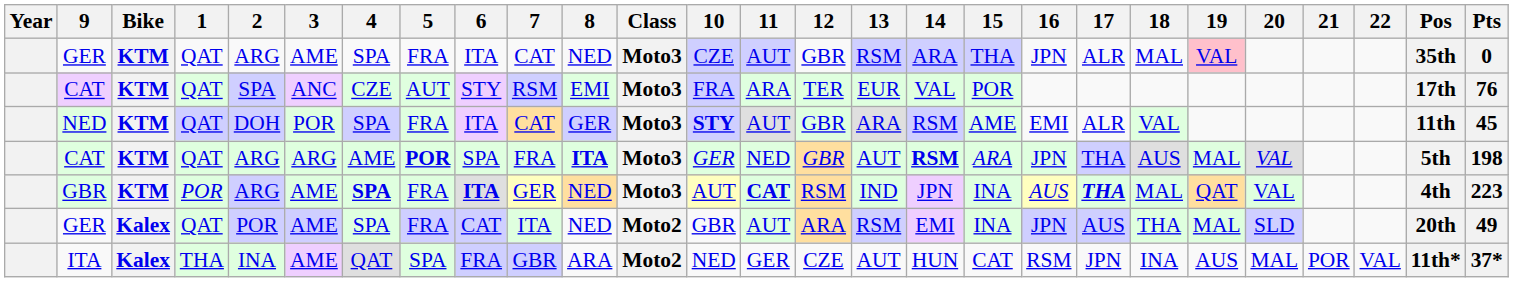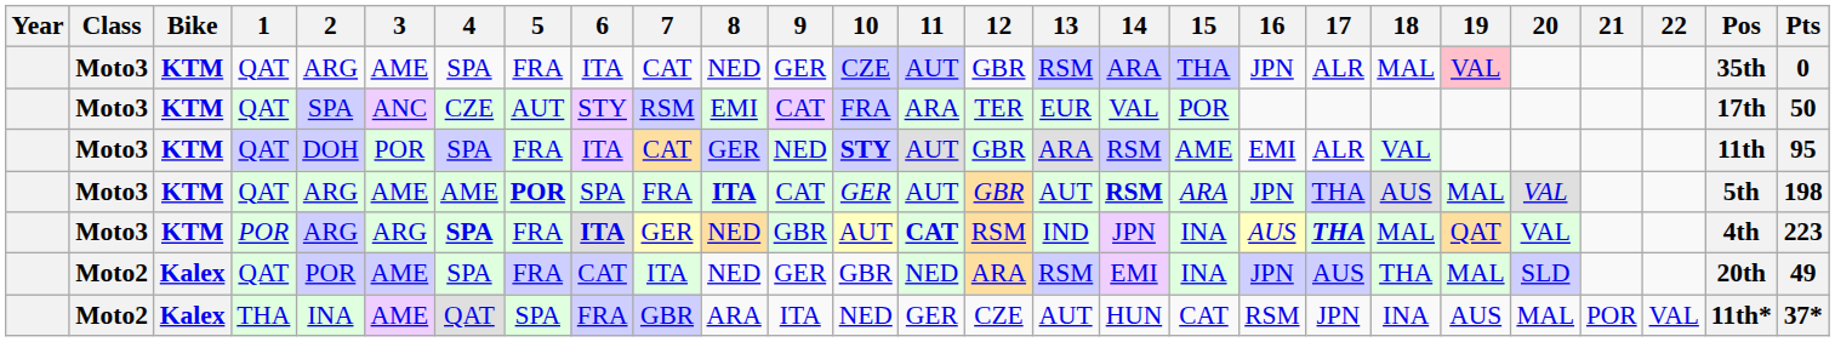 <table class="wikitable" style="text-align:center;">
 <tr>
 <th>Year</th>
-<th>9</th>
+<th>Class</th>
 <th>Bike</th>
 <th>1</th>
 <th>2</th>
 <th>3</th>
 <th>4</th>
 <th>5</th>
 <th>6</th>
 <th>7</th>
 <th>8</th>
-<th>Class</th>
+<th>9</th>
 <th>10</th>
 <th>11</th>
 <th>12</th>
 <th>13</th>
 <th>14</th>
 <th>15</th>
 <th>16</th>
 <th>17</th>
 <th>18</th>
 <th>19</th>
 <th>20</th>
 <th>21</th>
 <th>22</th>
 <th>Pos</th>
 <th>Pts</th>
 </tr>
 <tr>
 <th></th>
-<td><a href='#'>GER</a></td>
+<th>Moto3</th>
 <th><a href='#'>KTM</a></th>
 <td><a href='#'>QAT</a></td>
 <td><a href='#'>ARG</a></td>
 <td><a href='#'>AME</a></td>
 <td><a href='#'>SPA</a></td>
 <td><a href='#'>FRA</a></td>
 <td><a href='#'>ITA</a></td>
 <td><a href='#'>CAT</a></td>
 <td><a href='#'>NED</a></td>
-<th>Moto3</th>
+<td><a href='#'>GER</a></td>
 <td style="background:#cfcfff;"><a href='#'>CZE</a><br></td>
 <td style="background:#cfcfff;"><a href='#'>AUT</a><br></td>
 <td><a href='#'>GBR</a></td>
 <td style="background:#cfcfff;"><a href='#'>RSM</a><br></td>
 <td style="background:#cfcfff;"><a href='#'>ARA</a><br></td>
 <td style="background:#cfcfff;"><a href='#'>THA</a><br></td>
 <td><a href='#'>JPN</a></td>
 <td><a href='#'>ALR</a></td>
 <td><a href='#'>MAL</a></td>
 <td style="background: pink;"><a href='#'>VAL</a></td>
 <td></td>
 <td></td>
 <td></td>
 <th>35th</th>
 <th>0</th>
 </tr>
 <tr>
 <th></th>
-<td style="background:#efcfff;"><a href='#'>CAT</a><br></td>
+<th>Moto3</th>
 <th><a href='#'>KTM</a></th>
 <td style="background:#dfffdf;"><a href='#'>QAT</a><br></td>
 <td style="background:#cfcfff;"><a href='#'>SPA</a><br></td>
 <td style="background:#efcfff;"><a href='#'>ANC</a><br></td>
 <td style="background:#dfffdf;"><a href='#'>CZE</a><br></td>
 <td style="background:#dfffdf;"><a href='#'>AUT</a><br></td>
 <td style="background:#efcfff;"><a href='#'>STY</a><br></td>
 <td style="background:#cfcfff;"><a href='#'>RSM</a><br></td>
 <td style="background:#dfffdf;"><a href='#'>EMI</a><br></td>
-<th>Moto3</th>
+<td style="background:#efcfff;"><a href='#'>CAT</a><br></td>
 <td style="background:#cfcfff;"><a href='#'>FRA</a><br></td>
 <td style="background:#dfffdf;"><a href='#'>ARA</a><br></td>
 <td style="background:#dfffdf;"><a href='#'>TER</a><br></td>
 <td style="background:#dfffdf;"><a href='#'>EUR</a><br></td>
 <td style="background:#dfffdf;"><a href='#'>VAL</a><br></td>
 <td style="background:#dfffdf;"><a href='#'>POR</a><br></td>
 <td></td>
 <td></td>
 <td></td>
 <td></td>
 <td></td>
 <td></td>
 <td></td>
 <th>17th</th>
-<th>76</th>
+<th>50</th>
 </tr>
 <tr>
 <th></th>
-<td style="background:#dfffdf;"><a href='#'>NED</a><br></td>
+<th>Moto3</th>
 <th><a href='#'>KTM</a></th>
 <td style="background:#cfcfff;"><a href='#'>QAT</a><br></td>
 <td style="background:#cfcfff;"><a href='#'>DOH</a><br></td>
 <td style="background:#dfffdf;"><a href='#'>POR</a><br></td>
 <td style="background:#cfcfff;"><a href='#'>SPA</a><br></td>
 <td style="background:#dfffdf;"><a href='#'>FRA</a><br></td>
 <td style="background:#efcfff;"><a href='#'>ITA</a><br></td>
 <td style="background:#ffdf9f;"><a href='#'>CAT</a><br></td>
 <td style="background:#cfcfff;"><a href='#'>GER</a><br></td>
-<th>Moto3</th>
+<td style="background:#dfffdf;"><a href='#'>NED</a><br></td>
 <td style="background:#cfcfff;"><strong><a href='#'>STY</a></strong><br></td>
 <td style="background:#dfdfdf;"><a href='#'>AUT</a><br></td>
 <td style="background:#dfffdf;"><a href='#'>GBR</a><br></td>
 <td style="background:#dfdfdf;"><a href='#'>ARA</a><br></td>
 <td style="background:#cfcfff;"><a href='#'>RSM</a><br></td>
 <td style="background:#dfffdf;"><a href='#'>AME</a><br></td>
 <td><a href='#'>EMI</a></td>
 <td><a href='#'>ALR</a></td>
 <td style="background:#dfffdf;"><a href='#'>VAL</a><br></td>
 <td></td>
 <td></td>
 <td></td>
 <td></td>
 <th>11th</th>
-<th>45</th>
+<th>95</th>
 </tr>
 <tr>
 <th></th>
-<td style="background:#dfffdf;"><a href='#'>CAT</a><br></td>
+<th>Moto3</th>
 <th><a href='#'>KTM</a></th>
 <td style="background:#dfffdf;"><a href='#'>QAT</a><br></td>
 <td style="background:#DFFFDF;"><a href='#'>ARG</a><br></td>
-<td style="background:#dfffdf;"><a href='#'>ARG</a><br></td>
+<td style="background:#dfffdf;"><a href='#'>AME</a><br></td>
 <td style="background:#dfffdf;"><a href='#'>AME</a><br></td>
 <td style="background:#dfffdf;"><strong><a href='#'>POR</a></strong><br></td>
 <td style="background:#dfffdf;"><a href='#'>SPA</a><br></td>
 <td style="background:#dfffdf;"><a href='#'>FRA</a><br></td>
 <td style="background:#dfffdf;"><strong><a href='#'>ITA</a></strong><br></td>
-<th>Moto3</th>
+<td style="background:#dfffdf;"><a href='#'>CAT</a><br></td>
 <td style="background:#dfffdf;"><em><a href='#'>GER</a></em><br></td>
-<td style="background:#dfffdf;"><a href='#'>NED</a><br></td>
+<td style="background:#dfffdf;"><a href='#'>AUT</a><br></td>
 <td style="background:#ffdf9f;"><em><a href='#'>GBR</a></em><br></td>
 <td style="background:#dfffdf;"><a href='#'>AUT</a><br></td>
 <td style="background:#dfffdf;"><strong><a href='#'>RSM</a></strong><br></td>
 <td style="background:#dfffdf;"><em><a href='#'>ARA</a></em><br></td>
 <td style="background:#dfffdf;"><a href='#'>JPN</a><br></td>
 <td style="background:#cfcfff;"><a href='#'>THA</a><br></td>
 <td style="background:#dfdfdf;"><a href='#'>AUS</a><br></td>
 <td style="background:#dfffdf;"><a href='#'>MAL</a><br></td>
 <td style="background:#dfdfdf;"><em><a href='#'>VAL</a></em><br></td>
 <td></td>
 <td></td>
 <th>5th</th>
 <th>198</th>
 </tr>
 <tr>
 <th></th>
-<td style="background:#dfffdf;"><a href='#'>GBR</a><br></td>
+<th>Moto3</th>
 <th><a href='#'>KTM</a></th>
 <td style="background:#dfffdf;"><em><a href='#'>POR</a></em><br></td>
 <td style="background:#cfcfff;"><a href='#'>ARG</a><br></td>
-<td style="background:#dfffdf;"><a href='#'>AME</a><br></td>
+<td style="background:#dfffdf;"><a href='#'>ARG</a><br></td>
 <td style="background:#dfffdf;"><strong><a href='#'>SPA</a></strong><br></td>
 <td style="background:#dfffdf;"><a href='#'>FRA</a><br></td>
 <td style="background:#dfdfdf;"><strong><a href='#'>ITA</a></strong><br></td>
 <td style="background:#ffffbf;"><a href='#'>GER</a><br></td>
 <td style="background:#ffdf9f;"><a href='#'>NED</a><br></td>
-<th>Moto3</th>
+<td style="background:#dfffdf;"><a href='#'>GBR</a><br></td>
 <td style="background:#ffffbf;"><a href='#'>AUT</a><br></td>
 <td style="background:#dfffdf;"><strong><a href='#'>CAT</a></strong><br></td>
 <td style="background:#ffdf9f;"><a href='#'>RSM</a><br></td>
 <td style="background:#dfffdf;"><a href='#'>IND</a><br></td>
 <td style="background:#efcfff;"><a href='#'>JPN</a><br></td>
 <td style="background:#dfffdf;"><a href='#'>INA</a><br></td>
 <td style="background:#ffffbf;"><em><a href='#'>AUS</a></em><br></td>
 <td style="background:#dfffdf;"><strong><em><a href='#'>THA</a></em></strong><br></td>
 <td style="background:#dfffdf;"><a href='#'>MAL</a><br></td>
 <td style="background:#ffdf9f;"><a href='#'>QAT</a><br></td>
 <td style="background:#dfffdf;"><a href='#'>VAL</a><br></td>
 <td></td>
 <td></td>
 <th>4th</th>
 <th>223</th>
 </tr>
 <tr>
 <th></th>
-<td><a href='#'>GER</a></td>
+<th>Moto2</th>
 <th><a href='#'>Kalex</a></th>
 <td style="background:#dfffdf;"><a href='#'>QAT</a><br></td>
 <td style="background:#cfcfff;"><a href='#'>POR</a><br></td>
 <td style="background:#cfcfff;"><a href='#'>AME</a><br></td>
 <td style="background:#dfffdf;"><a href='#'>SPA</a><br></td>
 <td style="background:#cfcfff;"><a href='#'>FRA</a><br></td>
 <td style="background:#cfcfff;"><a href='#'>CAT</a><br></td>
 <td style="background:#dfffdf;"><a href='#'>ITA</a><br></td>
 <td><a href='#'>NED</a></td>
-<th>Moto2</th>
+<td><a href='#'>GER</a></td>
 <td><a href='#'>GBR</a></td>
-<td style="background:#dfffdf;"><a href='#'>AUT</a><br></td>
+<td style="background:#dfffdf;"><a href='#'>NED</a><br></td>
 <td style="background:#ffdf9f;"><a href='#'>ARA</a><br></td>
 <td style="background:#cfcfff;"><a href='#'>RSM</a><br></td>
 <td style="background:#efcfff;"><a href='#'>EMI</a><br></td>
 <td style="background:#dfffdf;"><a href='#'>INA</a><br></td>
 <td style="background:#cfcfff;"><a href='#'>JPN</a><br></td>
 <td style="background:#cfcfff;"><a href='#'>AUS</a><br></td>
 <td style="background:#dfffdf;"><a href='#'>THA</a><br></td>
 <td style="background:#dfffdf;"><a href='#'>MAL</a><br></td>
 <td style="background:#cfcfff;"><a href='#'>SLD</a><br></td>
 <td></td>
 <td></td>
 <th>20th</th>
 <th>49</th>
 </tr>
 <tr>
 <th></th>
-<td style="background:#;"><a href='#'>ITA</a><br></td>
+<th>Moto2</th>
 <th><a href='#'>Kalex</a></th>
 <td style="background:#DFFFDF;"><a href='#'>THA</a><br></td>
 <td style="background:#dfffdf;"><a href='#'>INA</a><br></td>
 <td style="background:#EFCFFF;"><a href='#'>AME</a><br></td>
 <td style="background:#DFDFDF;"><a href='#'>QAT</a><br></td>
 <td style="background:#DFFFDF;"><a href='#'>SPA</a><br></td>
 <td style="background:#CFCFFF;"><a href='#'>FRA</a><br></td>
 <td style="background:#CFCFFF;"><a href='#'>GBR</a><br></td>
 <td style="background:#;"><a href='#'>ARA</a><br></td>
-<th>Moto2</th>
+<td style="background:#;"><a href='#'>ITA</a><br></td>
 <td style="background:#;"><a href='#'>NED</a><br></td>
 <td style="background:#;"><a href='#'>GER</a><br></td>
 <td style="background:#;"><a href='#'>CZE</a><br></td>
 <td style="background:#;"><a href='#'>AUT</a><br></td>
 <td style="background:#;"><a href='#'>HUN</a><br></td>
 <td style="background:#;"><a href='#'>CAT</a><br></td>
 <td style="background:#;"><a href='#'>RSM</a><br></td>
 <td style="background:#;"><a href='#'>JPN</a><br></td>
 <td style="background:#;"><a href='#'>INA</a><br></td>
 <td style="background:#;"><a href='#'>AUS</a><br></td>
 <td style="background:#;"><a href='#'>MAL</a><br></td>
 <td style="background:#;"><a href='#'>POR</a><br></td>
 <td style="background:#;"><a href='#'>VAL</a><br></td>
 <th>11th*</th>
 <th>37*</th>
 </tr>
 </table>
